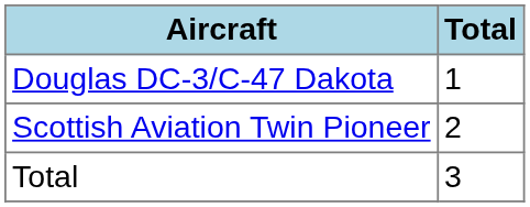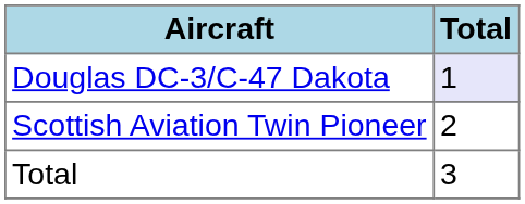 <table class="toccolours" border="1" cellpadding="3" style="border-collapse:collapse">
 <tr bgcolor=lightblue>
 <th>Aircraft</th>
 <th>Total</th>
 </tr>
 <tr>
 <td><a href='#'>Douglas DC-3/C-47 Dakota</a></td>
-<td>1</td>
+<td style="background: lavender;">1</td>
 </tr>
 <tr>
 <td><a href='#'>Scottish Aviation Twin Pioneer</a></td>
 <td>2</td>
 </tr>
 <tr>
 <td>Total</td>
 <td>3</td>
 </tr>
 </table>
